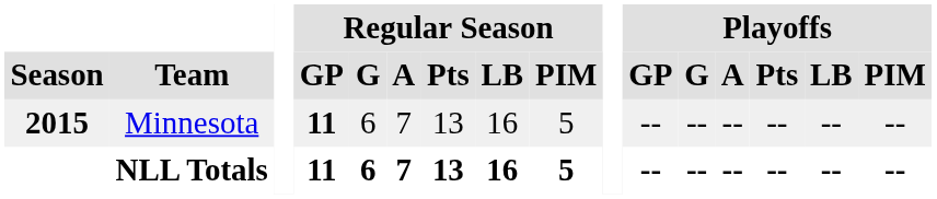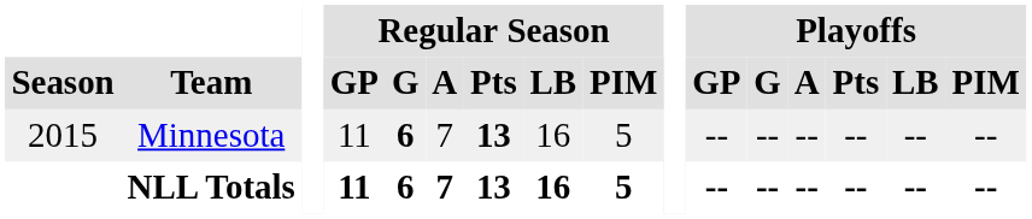 <table BORDER="0" CELLPADDING="3" CELLSPACING="0">
 <tr style="text-align:center; background:#e0e0e0;">
 <th colspan="2" style="background:#fff;"> </th>
 <th rowspan="99" style="background:#fff;"> </th>
 <th colspan="6">Regular Season</th>
 <th rowspan="99" style="background:#fff;"> </th>
 <th colspan="6">Playoffs</th>
 </tr>
 <tr style="text-align:center; background:#e0e0e0;">
 <th>Season</th>
 <th>Team</th>
 <th>GP</th>
 <th>G</th>
 <th>A</th>
 <th>Pts</th>
 <th>LB</th>
 <th>PIM</th>
 <th>GP</th>
 <th>G</th>
 <th>A</th>
 <th>Pts</th>
 <th>LB</th>
 <th>PIM</th>
 </tr>
 <tr style="text-align:center; background:#f0f0f0;">
-<td><strong>2015</strong></td>
+<td>2015</td>
 <td><a href='#'>Minnesota</a></td>
-<td><strong>11</strong></td>
-<td>6</td>
+<td>11</td>
+<td><strong>6</strong></td>
 <td>7</td>
-<td>13</td>
+<td><strong>13</strong></td>
 <td>16</td>
 <td>5</td>
 <td>--</td>
 <td>--</td>
 <td>--</td>
 <td>--</td>
 <td>--</td>
 <td>--</td>
 </tr>
 <tr style="text-align:center;">
 <th></th>
 <th>NLL Totals</th>
 <th>11</th>
 <th>6</th>
 <th>7</th>
 <th>13</th>
 <th>16</th>
 <th>5</th>
 <th>--</th>
 <th>--</th>
 <th>--</th>
 <th>--</th>
 <th>--</th>
 <th>--</th>
 </tr>
 </table>
